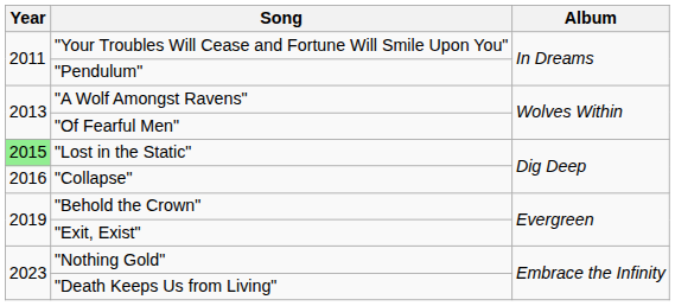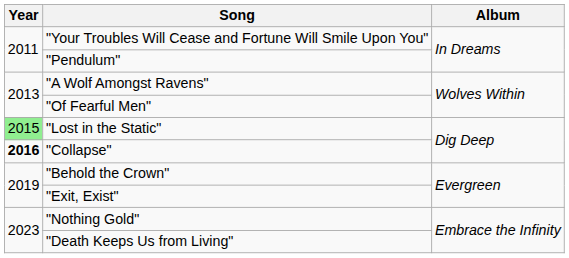 <table class=wikitable>
 <tr>
 <th>Year</th>
 <th>Song</th>
 <th>Album</th>
 </tr>
 <tr>
 <td rowspan="2">2011</td>
 <td>"Your Troubles Will Cease and Fortune Will Smile Upon You"</td>
 <td rowspan="2"><em>In Dreams</em></td>
 </tr>
 <tr>
 <td>"Pendulum"</td>
 </tr>
 <tr>
 <td rowspan="2">2013</td>
 <td>"A Wolf Amongst Ravens"</td>
 <td rowspan="2"><em>Wolves Within</em></td>
 </tr>
 <tr>
 <td>"Of Fearful Men"</td>
 </tr>
 <tr>
 <td style="background: lightgreen;">2015</td>
 <td>"Lost in the Static"</td>
 <td rowspan="2"><em>Dig Deep</em></td>
 </tr>
 <tr>
-<td>2016</td>
+<td><strong>2016</strong></td>
 <td>"Collapse"</td>
 </tr>
 <tr>
 <td rowspan=2>2019</td>
 <td>"Behold the Crown"</td>
 <td rowspan="2"><em>Evergreen</em></td>
 </tr>
 <tr>
 <td>"Exit, Exist"</td>
 </tr>
 <tr>
 <td rowspan=2>2023</td>
 <td>"Nothing Gold"</td>
 <td rowspan="2"><em>Embrace the Infinity</em></td>
 </tr>
 <tr>
 <td>"Death Keeps Us from Living"</td>
 </tr>
 </table>
